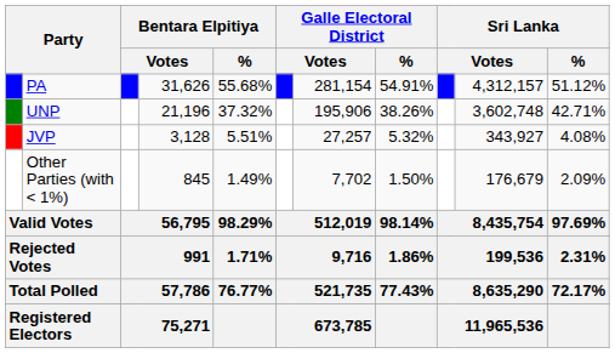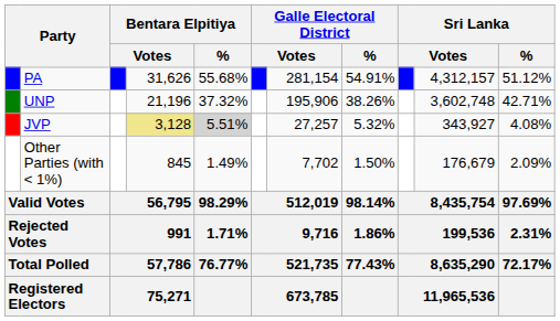 <table class="wikitable">
 <tr>
 <th colspan="2" width="144px"rowspan="2">Party</th>
 <th colspan="3" width="216px">Bentara Elpitiya</th>
 <th colspan="3" width="216px"><a href='#'>Galle Electoral District</a></th>
 <th colspan="3" width="216px">Sri Lanka</th>
 </tr>
 <tr>
 <th colspan="2" width="144px">Votes</th>
 <th>%</th>
 <th colspan="2" width="144px">Votes</th>
 <th>%</th>
 <th colspan="2" width="144px">Votes</th>
 <th>%</th>
 </tr>
 <tr>
 <td style="background-color:blue;" width="10px"></td>
 <td style="text-align:left;"><a href='#'>PA</a></td>
 <td style="background-color:blue;" width="10px"></td>
 <td style="text-align:right;">31,626</td>
 <td style="text-align:right;">55.68%</td>
 <td style="background-color:blue;" width="10px"></td>
 <td style="text-align:right;">281,154</td>
 <td style="text-align:right;">54.91%</td>
 <td style="background-color:blue;" width="10px"></td>
 <td style="text-align:right;">4,312,157</td>
 <td style="text-align:right;">51.12%</td>
 </tr>
 <tr>
 <td style="background-color:green;" width="10px"></td>
 <td style="text-align:left;"><a href='#'>UNP</a></td>
 <td style="background-color:white;" width="10px"></td>
 <td style="text-align:right;">21,196</td>
 <td style="text-align:right;">37.32%</td>
 <td style="background-color:white;" width="10px"></td>
 <td style="text-align:right;">195,906</td>
 <td style="text-align:right;">38.26%</td>
 <td style="background-color:white;" width="10px"></td>
 <td style="text-align:right;">3,602,748</td>
 <td style="text-align:right;">42.71%</td>
 </tr>
 <tr>
 <td style="background-color:red;" width="10px"></td>
 <td style="text-align:left;"><a href='#'>JVP</a></td>
 <td style="background-color:white;" width="10px"></td>
-<td style="text-align:right;">3,128</td>
-<td style="text-align:right;">5.51%</td>
+<td style="background: khaki; text-align:right;">3,128</td>
+<td style="background: lightgrey; text-align:right;">5.51%</td>
 <td style="background-color:white;" width="10px"></td>
 <td style="text-align:right;">27,257</td>
 <td style="text-align:right;">5.32%</td>
 <td style="background-color:white;" width="10px"></td>
 <td style="text-align:right;">343,927</td>
 <td style="text-align:right;">4.08%</td>
 </tr>
 <tr>
 <td style="background-color:white;" width="10px"></td>
 <td style="text-align:left;">Other Parties (with < 1%)</td>
 <td style="background-color:white;" width="10px"></td>
 <td style="text-align:right;">845</td>
 <td style="text-align:right;">1.49%</td>
 <td style="background-color:white;" width="10px"></td>
 <td style="text-align:right;">7,702</td>
 <td style="text-align:right;">1.50%</td>
 <td style="background-color:white;" width="10px"></td>
 <td style="text-align:right;">176,679</td>
 <td style="text-align:right;">2.09%</td>
 </tr>
 <tr>
 <th colspan="2" width="144px"style="text-align:left;">Valid Votes</th>
 <th style="text-align:right;"colspan="2" width="144px">56,795</th>
 <th style="text-align:right;">98.29%</th>
 <th style="text-align:right;"colspan="2" width="144px">512,019</th>
 <th style="text-align:right;">98.14%</th>
 <th style="text-align:right;"colspan="2" width="144px">8,435,754</th>
 <th style="text-align:right;">97.69%</th>
 </tr>
 <tr>
 <th colspan="2" width="144px"style="text-align:left;">Rejected Votes</th>
 <th style="text-align:right;"colspan="2" width="144px">991</th>
 <th style="text-align:right;">1.71%</th>
 <th style="text-align:right;"colspan="2" width="144px">9,716</th>
 <th style="text-align:right;">1.86%</th>
 <th style="text-align:right;"colspan="2" width="144px">199,536</th>
 <th style="text-align:right;">2.31%</th>
 </tr>
 <tr>
 <th colspan="2" width="144px"style="text-align:left;">Total Polled</th>
 <th style="text-align:right;"colspan="2" width="144px">57,786</th>
 <th style="text-align:right;">76.77%</th>
 <th style="text-align:right;"colspan="2" width="144px">521,735</th>
 <th style="text-align:right;">77.43%</th>
 <th style="text-align:right;"colspan="2" width="144px">8,635,290</th>
 <th style="text-align:right;">72.17%</th>
 </tr>
 <tr>
 <th colspan="2" width="144px"style="text-align:left;">Registered Electors</th>
 <th style="text-align:right;"colspan="2" width="144px">75,271</th>
 <th></th>
 <th style="text-align:right;"colspan="2" width="144px">673,785</th>
 <th></th>
 <th style="text-align:right;"colspan="2" width="144px">11,965,536</th>
 <th></th>
 </tr>
 </table>
